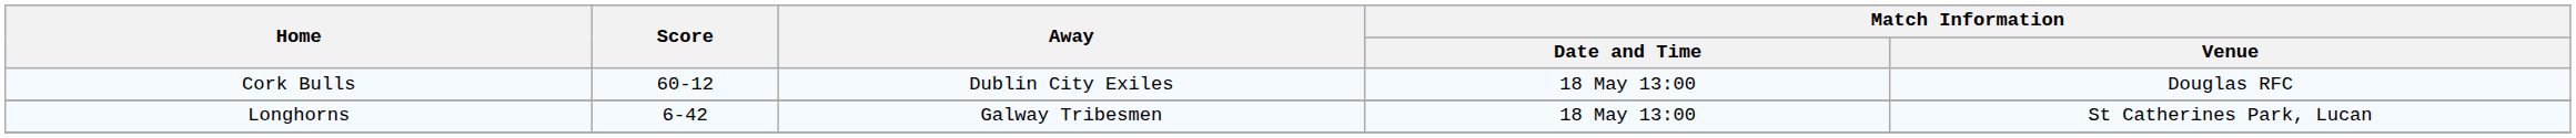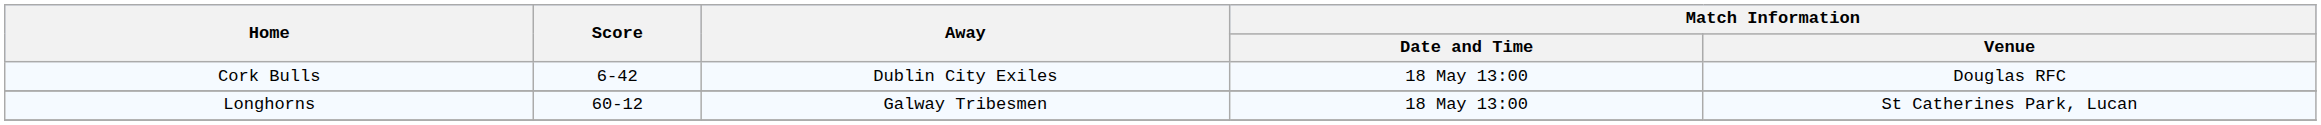 <table class="wikitable" border=1 style="border-collapse:collapse; font-size:90%; text-align:center;" cellpadding=3 cellspacing=0 width=100%>
 <tr style="background:#C1D8ff;">
 <th rowspan="2" width="19%">Home</th>
 <th rowspan="2" width="6%">Score</th>
 <th rowspan="2" width="19%">Away</th>
 <th colspan="4">Match Information</th>
 </tr>
 <tr style="background:#CCCCCC;">
 <th width="17%">Date and Time</th>
 <th width="22%">Venue</th>
 </tr>
 <tr bgcolor="#F5FAFF">
 <td>Cork Bulls</td>
-<td>60-12</td>
+<td>6-42</td>
 <td>Dublin City Exiles</td>
 <td>18 May 13:00</td>
 <td>Douglas RFC</td>
 </tr>
 <tr bgcolor="#F5FAFF">
 </tr>
 <tr bgcolor="#F5FAFF">
 <td>Longhorns</td>
-<td>6-42</td>
+<td>60-12</td>
 <td>Galway Tribesmen</td>
 <td>18 May 13:00</td>
 <td>St Catherines Park, Lucan</td>
 </tr>
 <tr bgcolor="#F5FAFF">
 </tr>
 </table>
